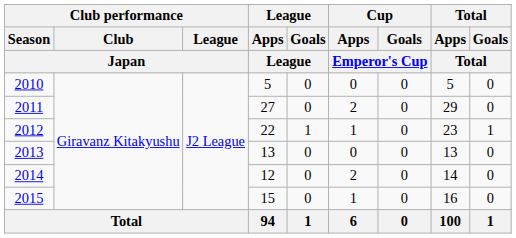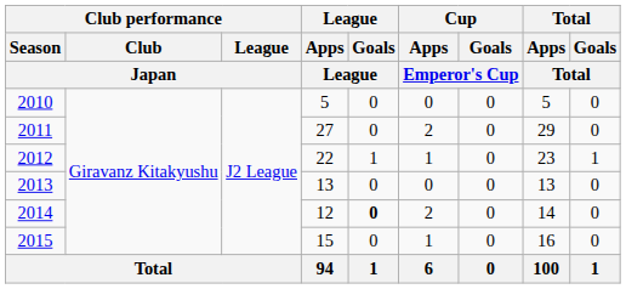 <table class="wikitable" style="text-align:center;">
 <tr>
 <th colspan=3>Club performance</th>
 <th colspan=2>League</th>
 <th colspan=2>Cup</th>
 <th colspan=2>Total</th>
 </tr>
 <tr>
 <th>Season</th>
 <th>Club</th>
 <th>League</th>
 <th>Apps</th>
 <th>Goals</th>
 <th>Apps</th>
 <th>Goals</th>
 <th>Apps</th>
 <th>Goals</th>
 </tr>
 <tr>
 <th colspan=3>Japan</th>
 <th colspan=2>League</th>
 <th colspan=2><a href='#'>Emperor's Cup</a></th>
 <th colspan=2>Total</th>
 </tr>
 <tr>
 <td><a href='#'>2010</a></td>
 <td rowspan="6"><a href='#'>Giravanz Kitakyushu</a></td>
 <td rowspan="6"><a href='#'>J2 League</a></td>
 <td>5</td>
 <td>0</td>
 <td>0</td>
 <td>0</td>
 <td>5</td>
 <td>0</td>
 </tr>
 <tr>
 <td><a href='#'>2011</a></td>
 <td>27</td>
 <td>0</td>
 <td>2</td>
 <td>0</td>
 <td>29</td>
 <td>0</td>
 </tr>
 <tr>
 <td><a href='#'>2012</a></td>
 <td>22</td>
 <td>1</td>
 <td>1</td>
 <td>0</td>
 <td>23</td>
 <td>1</td>
 </tr>
 <tr>
 <td><a href='#'>2013</a></td>
 <td>13</td>
 <td>0</td>
 <td>0</td>
 <td>0</td>
 <td>13</td>
 <td>0</td>
 </tr>
 <tr>
 <td><a href='#'>2014</a></td>
 <td>12</td>
-<td>0</td>
+<td><strong>0</strong></td>
 <td>2</td>
 <td>0</td>
 <td>14</td>
 <td>0</td>
 </tr>
 <tr>
 <td><a href='#'>2015</a></td>
 <td>15</td>
 <td>0</td>
 <td>1</td>
 <td>0</td>
 <td>16</td>
 <td>0</td>
 </tr>
 <tr>
 <th colspan=3>Total</th>
 <th>94</th>
 <th>1</th>
 <th>6</th>
 <th>0</th>
 <th>100</th>
 <th>1</th>
 </tr>
 </table>
